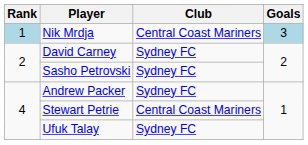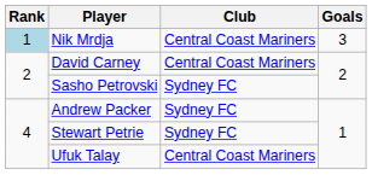 <table class="wikitable" style="text-align:center">
 <tr>
 <th>Rank</th>
 <th>Player</th>
 <th>Club</th>
 <th>Goals</th>
 </tr>
 <tr>
 <td rowspan=1 style="background: lightblue;">1</td>
 <td align="left"> <a href='#'>Nik Mrdja</a></td>
 <td align="left'"><a href='#'>Central Coast Mariners</a></td>
-<td style="background: lightblue;">3</td>
+<td>3</td>
 </tr>
 <tr>
 <td rowspan=2>2</td>
 <td align="left"> <a href='#'>David Carney</a></td>
-<td align="left"><a href='#'>Sydney FC</a></td>
+<td align="left"><a href='#'>Central Coast Mariners</a></td>
 <td rowspan=2>2</td>
 </tr>
 <tr>
 <td align="left"> <a href='#'>Sasho Petrovski</a></td>
 <td align="left"><a href='#'>Sydney FC</a></td>
 </tr>
 <tr>
 <td rowspan=3>4</td>
 <td align="left"> <a href='#'>Andrew Packer</a></td>
 <td align="left"><a href='#'>Sydney FC</a></td>
 <td rowspan=3>1</td>
 </tr>
 <tr>
 <td align="left"> <a href='#'>Stewart Petrie</a></td>
-<td align="left"><a href='#'>Central Coast Mariners</a></td>
+<td align="left"><a href='#'>Sydney FC</a></td>
 </tr>
 <tr>
 <td align="left"> <a href='#'>Ufuk Talay</a></td>
-<td align="left"><a href='#'>Sydney FC</a></td>
+<td align="left"><a href='#'>Central Coast Mariners</a></td>
 </tr>
 </table>
